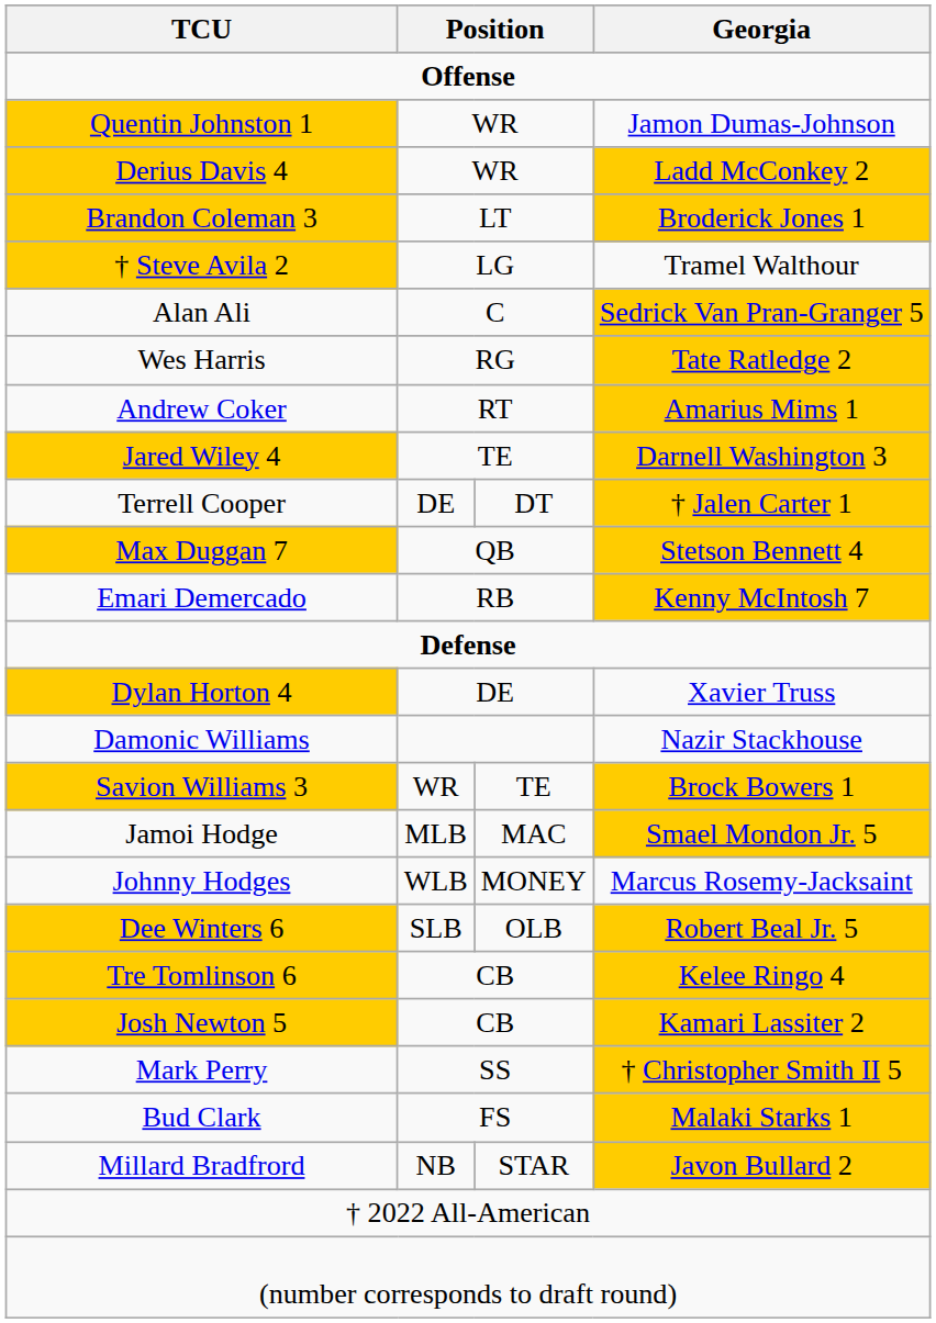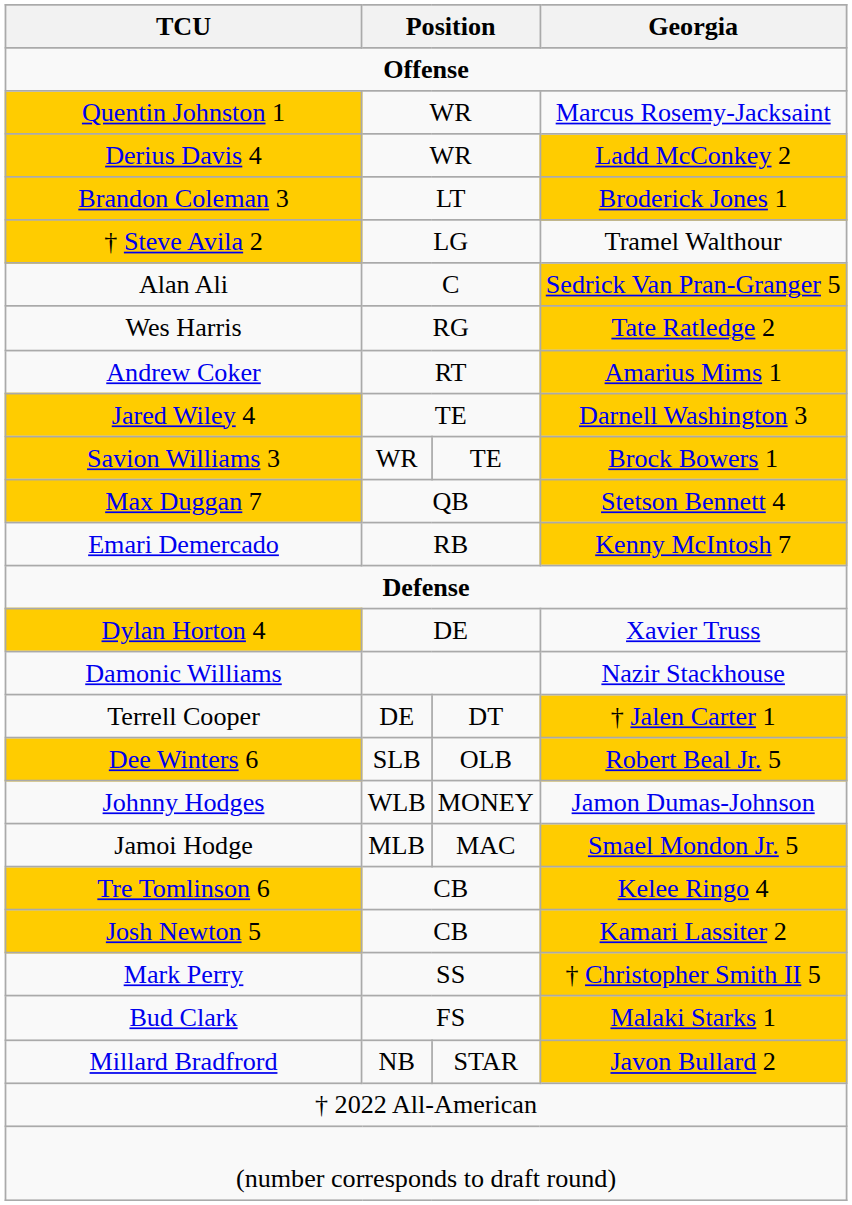 <table class="wikitable" style="margin:1em auto; text-align:center; font-size: 95%;">
 <tr>
 <th style="width:200px;" style=>TCU</th>
 <th colspan=2>Position</th>
 <th>Georgia</th>
 </tr>
 <tr>
 <td colspan="4"><strong>Offense</strong></td>
 </tr>
 <tr>
 <td bgcolor="#FFCC00"><a href='#'>Quentin Johnston</a> 1</td>
 <td colspan=2>WR</td>
-<td><a href='#'>Jamon Dumas-Johnson</a></td>
+<td><a href='#'>Marcus Rosemy-Jacksaint</a></td>
 </tr>
 <tr>
 <td bgcolor="#FFCC00"><a href='#'>Derius Davis</a> 4</td>
 <td colspan=2>WR</td>
 <td bgcolor="#FFCC00"><a href='#'>Ladd McConkey</a> 2</td>
 </tr>
 <tr>
 <td bgcolor="#FFCC00"><a href='#'>Brandon Coleman</a> 3</td>
 <td colspan=2>LT</td>
 <td bgcolor="#FFCC00"><a href='#'>Broderick Jones</a> 1</td>
 </tr>
 <tr>
 <td bgcolor="#FFCC00">† <a href='#'>Steve Avila</a> 2</td>
 <td colspan=2>LG</td>
 <td>Tramel Walthour</td>
 </tr>
 <tr>
 <td>Alan Ali</td>
 <td colspan=2>C</td>
 <td bgcolor="#FFCC00"><a href='#'>Sedrick Van Pran-Granger</a> 5</td>
 </tr>
 <tr>
 <td>Wes Harris</td>
 <td colspan=2>RG</td>
 <td bgcolor="#FFCC00"><a href='#'>Tate Ratledge</a> 2</td>
 </tr>
 <tr>
 <td><a href='#'>Andrew Coker</a></td>
 <td colspan=2>RT</td>
 <td bgcolor="#FFCC00"><a href='#'>Amarius Mims</a> 1</td>
 </tr>
 <tr>
 <td bgcolor="#FFCC00"><a href='#'>Jared Wiley</a> 4</td>
 <td colspan=2>TE</td>
 <td bgcolor="#FFCC00"><a href='#'>Darnell Washington</a> 3</td>
 </tr>
 <tr>
-<td>Terrell Cooper</td>
-<td>DE</td>
-<td>DT</td>
-<td bgcolor="#FFCC00">† <a href='#'>Jalen Carter</a> 1</td>
+<td bgcolor="#FFCC00"><a href='#'>Savion Williams</a> 3</td>
+<td>WR</td>
+<td>TE</td>
+<td bgcolor="#FFCC00"><a href='#'>Brock Bowers</a> 1</td>
 </tr>
 <tr>
 <td bgcolor="#FFCC00"><a href='#'>Max Duggan</a> 7</td>
 <td colspan=2>QB</td>
 <td bgcolor="#FFCC00"><a href='#'>Stetson Bennett</a> 4</td>
 </tr>
 <tr>
 <td><a href='#'>Emari Demercado</a></td>
 <td colspan=2>RB</td>
 <td bgcolor="#FFCC00"><a href='#'>Kenny McIntosh</a> 7</td>
 </tr>
 <tr>
 <td colspan="4"><strong>Defense</strong></td>
 </tr>
 <tr>
 <td bgcolor="#FFCC00"><a href='#'>Dylan Horton</a> 4</td>
 <td colspan=2>DE</td>
 <td><a href='#'>Xavier Truss</a></td>
 </tr>
 <tr>
 <td><a href='#'>Damonic Williams</a></td>
 <td colspan=2></td>
 <td><a href='#'>Nazir Stackhouse</a></td>
 </tr>
 <tr>
-<td bgcolor="#FFCC00"><a href='#'>Savion Williams</a> 3</td>
-<td>WR</td>
-<td>TE</td>
-<td bgcolor="#FFCC00"><a href='#'>Brock Bowers</a> 1</td>
+<td>Terrell Cooper</td>
+<td>DE</td>
+<td>DT</td>
+<td bgcolor="#FFCC00">† <a href='#'>Jalen Carter</a> 1</td>
+</tr>
+<tr>
+<td bgcolor="#FFCC00"><a href='#'>Dee Winters</a> 6</td>
+<td>SLB</td>
+<td>OLB</td>
+<td bgcolor="#FFCC00"><a href='#'>Robert Beal Jr.</a> 5</td>
+</tr>
+<tr>
+<td><a href='#'>Johnny Hodges</a></td>
+<td>WLB</td>
+<td>MONEY</td>
+<td><a href='#'>Jamon Dumas-Johnson</a></td>
 </tr>
 <tr>
 <td>Jamoi Hodge</td>
 <td>MLB</td>
 <td>MAC</td>
 <td bgcolor="#FFCC00"><a href='#'>Smael Mondon Jr.</a> 5</td>
-</tr>
-<tr>
-<td><a href='#'>Johnny Hodges</a></td>
-<td>WLB</td>
-<td>MONEY</td>
-<td><a href='#'>Marcus Rosemy-Jacksaint</a></td>
-</tr>
-<tr>
-<td bgcolor="#FFCC00"><a href='#'>Dee Winters</a> 6</td>
-<td>SLB</td>
-<td>OLB</td>
-<td bgcolor="#FFCC00"><a href='#'>Robert Beal Jr.</a> 5</td>
 </tr>
 <tr>
 <td bgcolor="#FFCC00"><a href='#'>Tre Tomlinson</a> 6</td>
 <td colspan=2>CB</td>
 <td bgcolor="#FFCC00"><a href='#'>Kelee Ringo</a> 4</td>
 </tr>
 <tr>
 <td bgcolor="#FFCC00"><a href='#'>Josh Newton</a> 5</td>
 <td colspan=2>CB</td>
 <td bgcolor="#FFCC00"><a href='#'>Kamari Lassiter</a> 2</td>
 </tr>
 <tr>
 <td><a href='#'>Mark Perry</a></td>
 <td colspan=2>SS</td>
 <td bgcolor="#FFCC00">† <a href='#'>Christopher Smith II</a> 5</td>
 </tr>
 <tr>
 <td><a href='#'>Bud Clark</a></td>
 <td colspan=2>FS</td>
 <td bgcolor="#FFCC00"><a href='#'>Malaki Starks</a> 1</td>
 </tr>
 <tr>
 <td><a href='#'>Millard Bradfrord</a></td>
 <td>NB</td>
 <td>STAR</td>
 <td bgcolor="#FFCC00"><a href='#'>Javon Bullard</a> 2</td>
 </tr>
 <tr>
 <td colspan="4">† 2022 All-American</td>
 </tr>
 <tr>
 <td colspan=4 align=center><br>(number corresponds to draft round)</td>
 </tr>
 </table>
